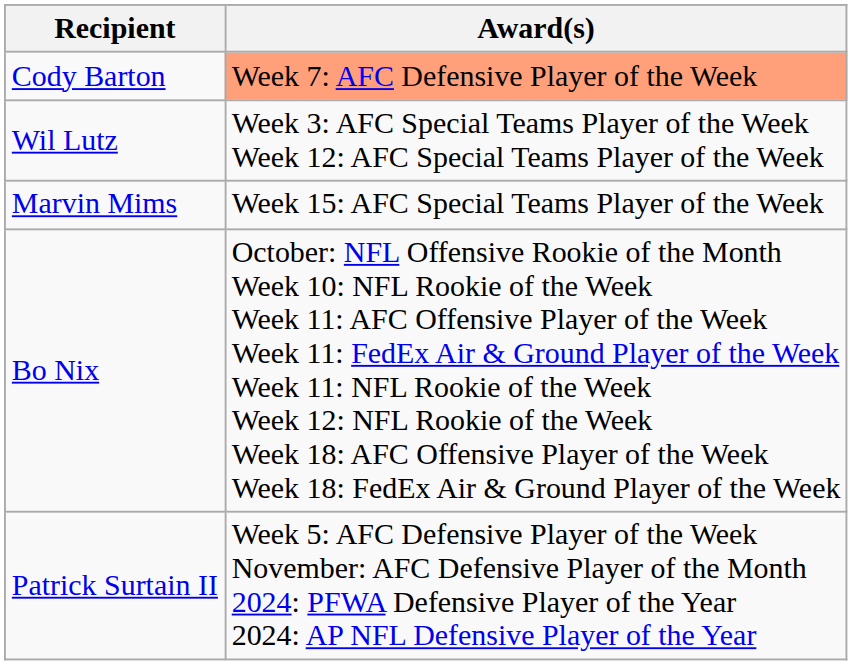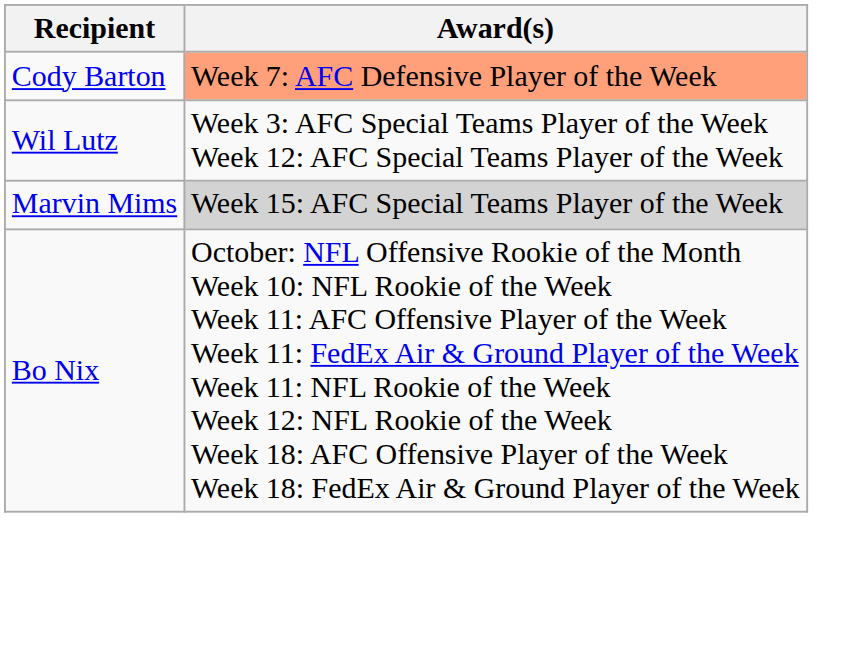 <table class="wikitable">
 <tr>
 <th>Recipient</th>
 <th>Award(s)</th>
 </tr>
 <tr>
 <td><a href='#'>Cody Barton</a></td>
 <td style="background: lightsalmon;">Week 7: <a href='#'>AFC</a> Defensive Player of the Week</td>
 </tr>
 <tr>
 <td><a href='#'>Wil Lutz</a></td>
 <td>Week 3: AFC Special Teams Player of the Week<br>Week 12: AFC Special Teams Player of the Week</td>
 </tr>
 <tr>
 <td><a href='#'>Marvin Mims</a></td>
-<td>Week 15: AFC Special Teams Player of the Week</td>
+<td style="background: lightgrey;">Week 15: AFC Special Teams Player of the Week</td>
 </tr>
 <tr>
 <td><a href='#'>Bo Nix</a></td>
 <td>October: <a href='#'>NFL</a> Offensive Rookie of the Month<br>Week 10: NFL Rookie of the Week<br>Week 11: AFC Offensive Player of the Week<br>Week 11: <a href='#'>FedEx Air & Ground Player of the Week</a><br>Week 11: NFL Rookie of the Week<br>Week 12: NFL Rookie of the Week<br>Week 18: AFC Offensive Player of the Week<br>Week 18: FedEx Air & Ground Player of the Week</td>
 </tr>
-<tr>
-<td><a href='#'>Patrick Surtain II</a></td>
-<td>Week 5: AFC Defensive Player of the Week<br>November: AFC Defensive Player of the Month<br><a href='#'>2024</a>: <a href='#'>PFWA</a> Defensive Player of the Year<br>2024: <a href='#'>AP NFL Defensive Player of the Year</a></td>
-</tr>
 </table>
